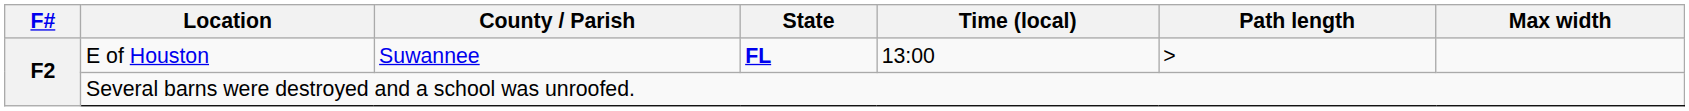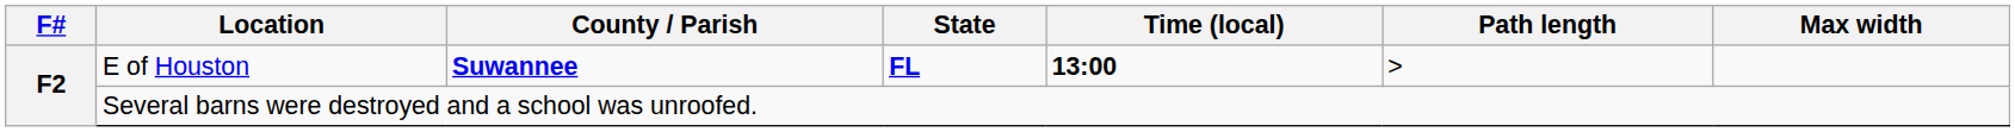 <table class="wikitable sortable" style="width:100%;">
 <tr>
 <th scope="col" align="center"><a href='#'>F#</a><br></th>
 <th scope="col" align="center" class="unsortable">Location</th>
 <th scope="col" align="center" class="unsortable">County / Parish</th>
 <th scope="col" align="center">State</th>
 <th scope="col" align="center">Time (local)</th>
 <th scope="col" align="center">Path length</th>
 <th scope="col" align="center">Max width</th>
 </tr>
 <tr>
 <th scope="row" rowspan="2" style="background-color:#">F2</th>
 <td>E of <a href='#'>Houston</a></td>
-<td><a href='#'>Suwannee</a></td>
+<td><strong><a href='#'>Suwannee</a></strong></td>
 <td><strong><a href='#'>FL</a></strong></td>
-<td>13:00</td>
+<td><strong>13:00</strong></td>
 <td>></td>
 <td></td>
 </tr>
 <tr class="expand-child">
 <td colspan="6" style=" border-bottom: 1px solid black;">Several barns were destroyed and a school was unroofed.</td>
 </tr>
 </table>
